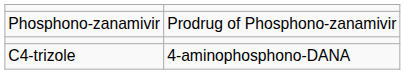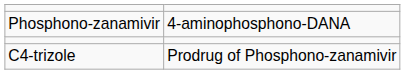 <table class="wikitable" style="margin: 1em auto 1em auto;">
 <tr>
 <td></td>
 <td></td>
 </tr>
 <tr>
 <td>Phosphono-zanamivir</td>
-<td>Prodrug of Phosphono-zanamivir</td>
+<td>4-aminophosphono-DANA</td>
 </tr>
 <tr>
 <td></td>
 <td></td>
 </tr>
 <tr>
 <td>C4-trizole</td>
-<td>4-aminophosphono-DANA</td>
+<td>Prodrug of Phosphono-zanamivir</td>
 </tr>
 </table>
